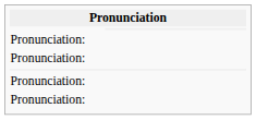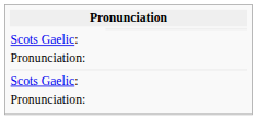 <table class="collapsible infobox"  style="width:280px; font-size:90%;">
 <tr>
 <th colspan="2" style="background:#efefef;">Pronunciation</th>
 </tr>
 <tr style="vertical-align: top;">
 <td style="width: 40%;"></td>
 <th colspan="2" style="background:#efefef;"></th>
 </tr>
 <tr>
-<td>Pronunciation:</td>
+<td><a href='#'>Scots Gaelic</a>:</td>
 <td></td>
 </tr>
 <tr>
 <td>Pronunciation:</td>
 <td></td>
 </tr>
 <tr>
 <th colspan="2" style="background:#efefef;"></th>
 </tr>
 <tr>
-<td>Pronunciation:</td>
+<td><a href='#'>Scots Gaelic</a>:</td>
 <td></td>
 </tr>
 <tr>
 <td>Pronunciation:</td>
 <td></td>
 </tr>
 <tr>
 </tr>
 </table>
